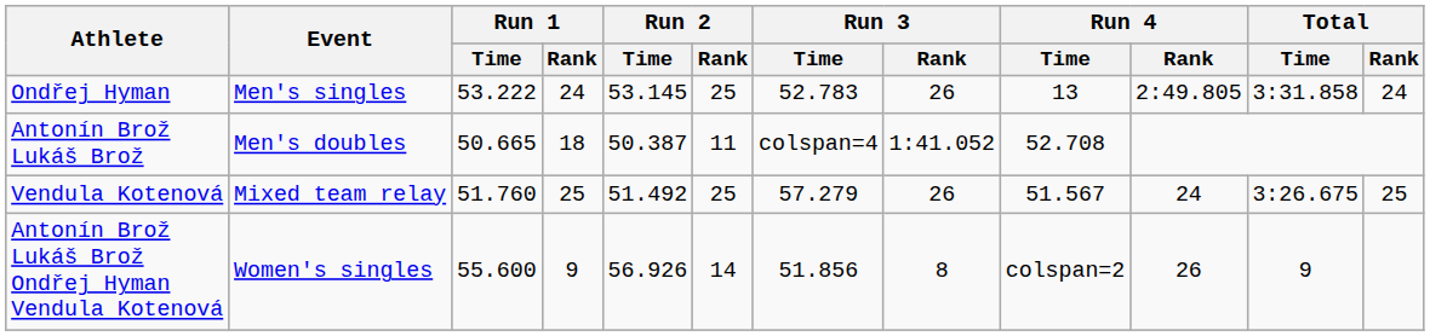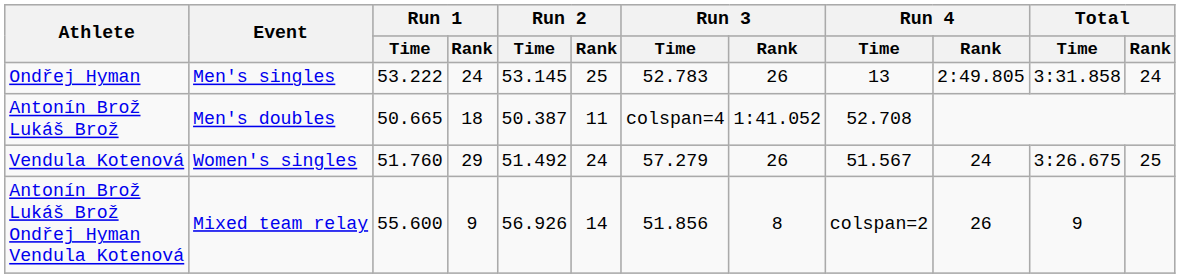 <table class="wikitable" style="font-size:90%">
 <tr>
 <th rowspan="2">Athlete</th>
 <th rowspan="2">Event</th>
 <th colspan="2">Run 1</th>
 <th colspan="2">Run 2</th>
 <th colspan="2">Run 3</th>
 <th colspan="2">Run 4</th>
 <th colspan="2">Total</th>
 </tr>
 <tr style="font-size:95%">
 <th>Time</th>
 <th>Rank</th>
 <th>Time</th>
 <th>Rank</th>
 <th>Time</th>
 <th>Rank</th>
 <th>Time</th>
 <th>Rank</th>
 <th>Time</th>
 <th>Rank</th>
 </tr>
 <tr align=center>
 <td align=left><a href='#'>Ondřej Hyman</a></td>
 <td align=left><a href='#'>Men's singles</a></td>
 <td>53.222</td>
 <td>24</td>
 <td>53.145</td>
 <td>25</td>
 <td>52.783</td>
 <td>26</td>
 <td>13</td>
 <td>2:49.805</td>
 <td>3:31.858</td>
 <td>24</td>
 </tr>
 <tr align=center>
 <td align=left><a href='#'>Antonín Brož</a><br><a href='#'>Lukáš Brož</a></td>
 <td align=left><a href='#'>Men's doubles</a></td>
 <td>50.665</td>
 <td>18</td>
 <td>50.387</td>
 <td>11</td>
 <td>colspan=4 </td>
 <td>1:41.052</td>
 <td>52.708</td>
 </tr>
 <tr align=center>
 <td align=left><a href='#'>Vendula Kotenová</a></td>
-<td align=left><a href='#'>Mixed team relay</a></td>
+<td align=left><a href='#'>Women's singles</a></td>
 <td>51.760</td>
-<td>25</td>
+<td>29</td>
 <td>51.492</td>
-<td>25</td>
+<td>24</td>
 <td>57.279</td>
 <td>26</td>
 <td>51.567</td>
 <td>24</td>
 <td>3:26.675</td>
 <td>25</td>
 </tr>
 <tr align=center>
 <td align=left><a href='#'>Antonín Brož</a><br><a href='#'>Lukáš Brož</a><br><a href='#'>Ondřej Hyman</a><br><a href='#'>Vendula Kotenová</a></td>
-<td align=left><a href='#'>Women's singles</a></td>
+<td align=left><a href='#'>Mixed team relay</a></td>
 <td>55.600</td>
 <td>9</td>
 <td>56.926</td>
 <td>14</td>
 <td>51.856</td>
 <td>8</td>
 <td>colspan=2 </td>
 <td>26</td>
 <td>9</td>
 </tr>
 </table>
